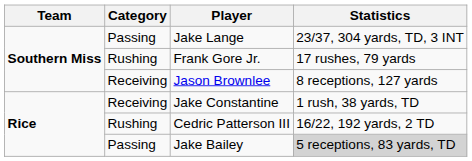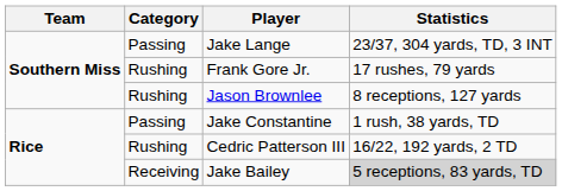 <table class="wikitable" style="float: left;">
 <tr>
 <th>Team</th>
 <th>Category</th>
 <th>Player</th>
 <th>Statistics</th>
 </tr>
 <tr>
 <td rowspan=3><strong>Southern Miss</strong></td>
 <td>Passing</td>
 <td>Jake Lange</td>
 <td>23/37, 304 yards, TD, 3 INT</td>
 </tr>
 <tr>
 <td>Rushing</td>
 <td>Frank Gore Jr.</td>
 <td>17 rushes, 79 yards</td>
 </tr>
 <tr>
-<td>Receiving</td>
+<td>Rushing</td>
 <td><a href='#'>Jason Brownlee</a></td>
 <td>8 receptions, 127 yards</td>
 </tr>
 <tr>
 <td rowspan=3><strong>Rice</strong></td>
-<td>Receiving</td>
+<td>Passing</td>
 <td>Jake Constantine</td>
 <td>1 rush, 38 yards, TD</td>
 </tr>
 <tr>
 <td>Rushing</td>
 <td>Cedric Patterson III</td>
 <td>16/22, 192 yards, 2 TD</td>
 </tr>
 <tr>
-<td>Passing</td>
+<td>Receiving</td>
 <td>Jake Bailey</td>
 <td style="background: lightgrey;">5 receptions, 83 yards, TD</td>
 </tr>
 </table>
